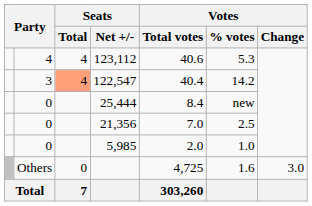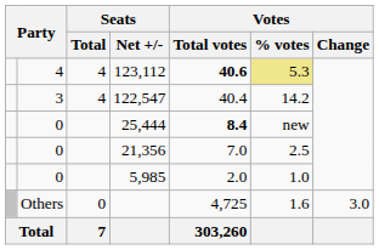 <table class="wikitable" style="text-align:right; font-size:95%;">
 <tr>
 <th colspan="2" rowspan="2">Party</th>
 <th colspan="2">Seats</th>
 <th colspan="3">Votes</th>
 </tr>
 <tr>
 <th>Total</th>
 <th>Net +/-</th>
 <th>Total votes</th>
 <th>% votes</th>
 <th>Change</th>
 </tr>
 <tr>
 <td></td>
 <td>4</td>
 <td>4</td>
 <td>123,112</td>
-<td>40.6</td>
-<td>5.3</td>
+<td><strong>40.6</strong></td>
+<td style="background: khaki;">5.3</td>
 </tr>
 <tr>
 <td></td>
 <td>3</td>
-<td style="background: lightsalmon;">4</td>
+<td>4</td>
 <td>122,547</td>
 <td>40.4</td>
 <td>14.2</td>
 </tr>
 <tr>
 <td></td>
 <td>0</td>
 <td></td>
 <td>25,444</td>
-<td>8.4</td>
+<td><strong>8.4</strong></td>
 <td>new</td>
 </tr>
 <tr>
 <td></td>
 <td>0</td>
 <td></td>
 <td>21,356</td>
 <td>7.0</td>
 <td>2.5</td>
 </tr>
 <tr>
 <td></td>
 <td>0</td>
 <td></td>
 <td>5,985</td>
 <td>2.0</td>
 <td>1.0</td>
 </tr>
 <tr>
 <td style="background:silver;"> </td>
 <td align=left>Others</td>
 <td>0</td>
 <td></td>
 <td>4,725</td>
 <td>1.6</td>
 <td>3.0</td>
 </tr>
 <tr>
 <th colspan="2" style="background:#f2f2f2">Total</th>
 <td style="background:#f2f2f2;"><strong>7</strong></td>
 <td style="background:#f2f2f2;"></td>
 <td style="background:#f2f2f2;"><strong>303,260</strong></td>
 <td style="background:#f2f2f2;"></td>
 <td style="background:#f2f2f2;"></td>
 </tr>
 </table>
